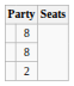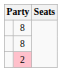 <table class="wikitable" style="font-size: 95%;">
 <tr>
 <th colspan=2>Party</th>
 <th>Seats</th>
 </tr>
 <tr>
 <td></td>
 <td align="center">8</td>
 </tr>
 <tr>
 <td></td>
 <td align="center">8</td>
 </tr>
 <tr>
 <td></td>
-<td align="center">2</td>
+<td align="center" style="background: pink;">2</td>
 </tr>
 </table>
